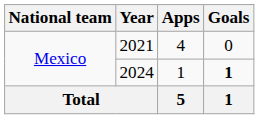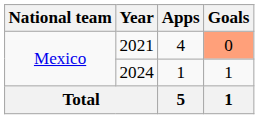 <table class="wikitable" style="text-align: center;">
 <tr>
 <th>National team</th>
 <th>Year</th>
 <th>Apps</th>
 <th>Goals</th>
 </tr>
 <tr>
 <td rowspan="2" valign="center"><a href='#'>Mexico</a></td>
 <td>2021</td>
 <td>4</td>
-<td>0</td>
+<td style="background: lightsalmon;">0</td>
 </tr>
 <tr>
 <td>2024</td>
 <td>1</td>
-<td><strong>1</strong></td>
+<td>1</td>
 </tr>
 <tr>
 <th colspan="2">Total</th>
 <th>5</th>
 <th>1</th>
 </tr>
 </table>
